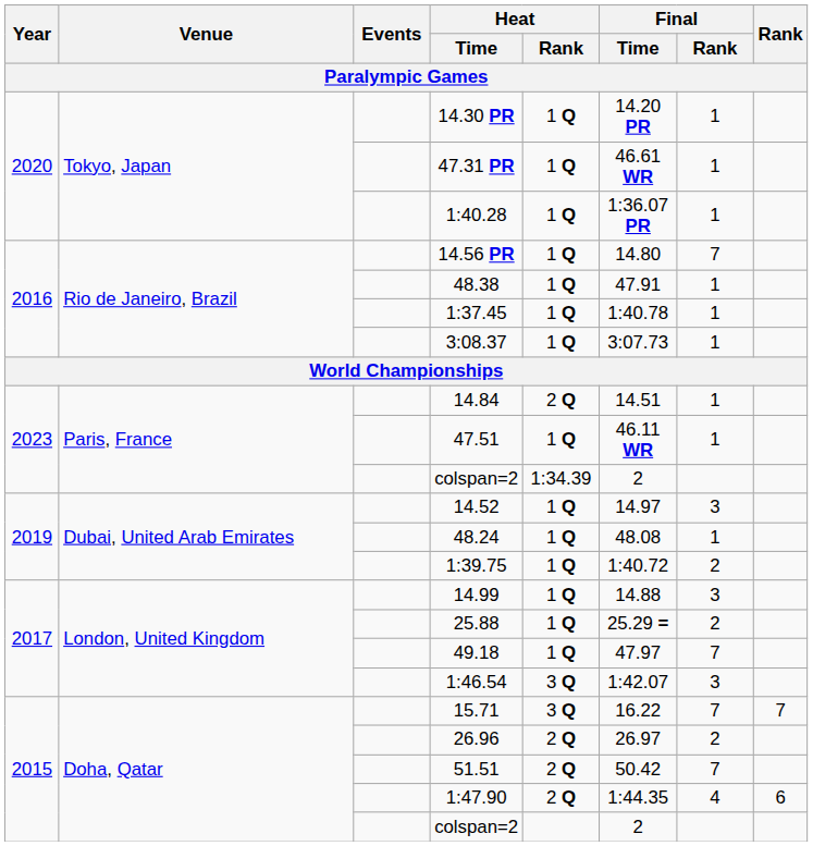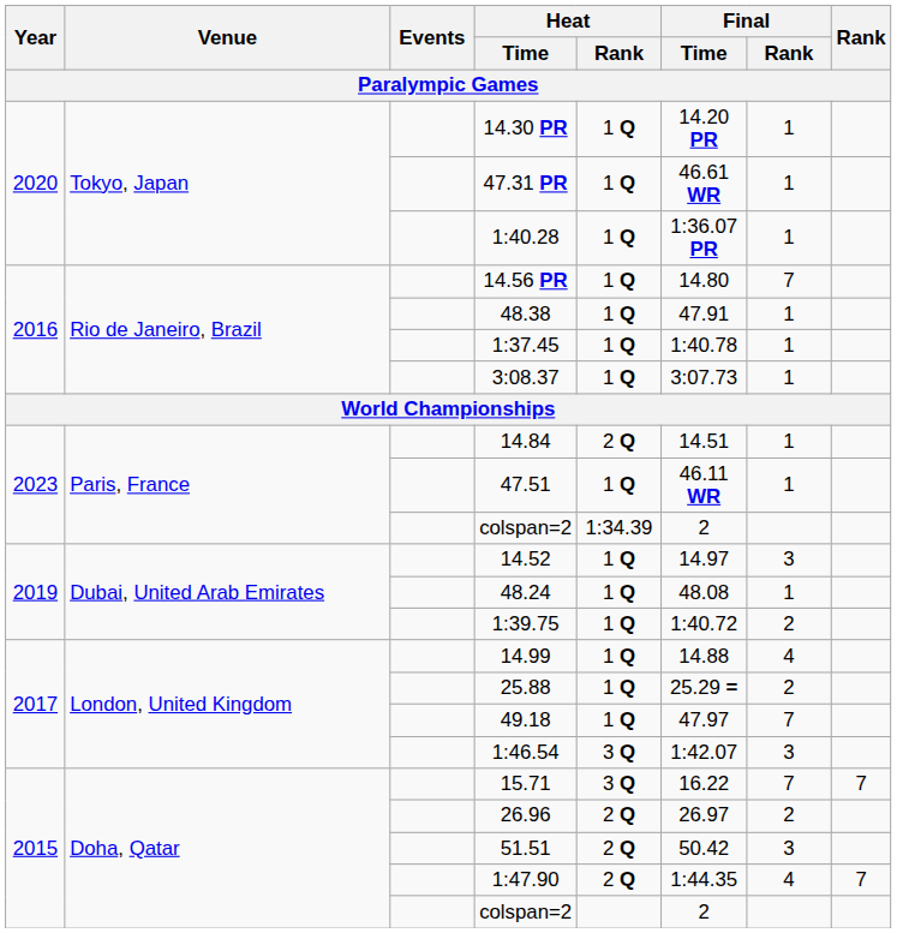 <table class = "wikitable" style="text-align:center;">
 <tr>
 <th rowspan=2 width=40>Year</th>
 <th rowspan=2 width=250>Venue</th>
 <th rowspan=2 width=60>Events</th>
 <th colspan=2>Heat</th>
 <th colspan=2>Final</th>
 <th rowspan=2 width=40>Rank</th>
 </tr>
 <tr>
 <th width=60>Time</th>
 <th width=60>Rank</th>
 <th width=60>Time</th>
 <th width=60>Rank</th>
 </tr>
 <tr>
 <th colspan=13><a href='#'>Paralympic Games</a></th>
 </tr>
 <tr>
 <td rowspan=3><a href='#'>2020</a></td>
 <td rowspan=3 align=left> <a href='#'>Tokyo</a>, <a href='#'>Japan</a></td>
 <td></td>
 <td>14.30 <strong><a href='#'>PR</a></strong></td>
 <td>1 <strong>Q</strong></td>
 <td>14.20 <strong><a href='#'>PR</a></strong></td>
 <td>1</td>
 <td></td>
 </tr>
 <tr>
 <td></td>
 <td>47.31 <strong><a href='#'>PR</a></strong></td>
 <td>1 <strong>Q</strong></td>
 <td>46.61 <strong><a href='#'>WR</a></strong></td>
 <td>1</td>
 <td></td>
 </tr>
 <tr>
 <td></td>
 <td>1:40.28</td>
 <td>1 <strong>Q</strong></td>
 <td>1:36.07 <strong><a href='#'>PR</a></strong></td>
 <td>1</td>
 <td></td>
 </tr>
 <tr>
 <td rowspan=4><a href='#'>2016</a></td>
 <td rowspan=4 align=left> <a href='#'>Rio de Janeiro</a>, <a href='#'>Brazil</a></td>
 <td></td>
 <td>14.56 <strong><a href='#'>PR</a></strong></td>
 <td>1 <strong>Q</strong></td>
 <td>14.80</td>
 <td>7</td>
 <td></td>
 </tr>
 <tr>
 <td></td>
 <td>48.38</td>
 <td>1 <strong>Q</strong></td>
 <td>47.91</td>
 <td>1</td>
 <td></td>
 </tr>
 <tr>
 <td></td>
 <td>1:37.45</td>
 <td>1 <strong>Q</strong></td>
 <td>1:40.78</td>
 <td>1</td>
 <td></td>
 </tr>
 <tr>
 <td></td>
 <td>3:08.37</td>
 <td>1 <strong>Q</strong></td>
 <td>3:07.73</td>
 <td>1</td>
 <td></td>
 </tr>
 <tr>
 <th colspan=13><a href='#'>World Championships</a></th>
 </tr>
 <tr>
 <td rowspan=3><a href='#'>2023</a></td>
 <td rowspan=3 align=left> <a href='#'>Paris</a>, <a href='#'>France</a></td>
 <td></td>
 <td>14.84</td>
 <td>2 <strong>Q</strong></td>
 <td>14.51</td>
 <td>1</td>
 <td></td>
 </tr>
 <tr>
 <td></td>
 <td>47.51 <strong></strong></td>
 <td>1 <strong>Q</strong></td>
 <td>46.11 <strong><a href='#'>WR</a></strong></td>
 <td>1</td>
 <td></td>
 </tr>
 <tr>
 <td></td>
 <td>colspan=2 </td>
 <td>1:34.39</td>
 <td>2</td>
 <td></td>
 </tr>
 <tr>
 <td rowspan=3><a href='#'>2019</a></td>
 <td rowspan=3 align=left> <a href='#'>Dubai</a>, <a href='#'>United Arab Emirates</a></td>
 <td></td>
 <td>14.52</td>
 <td>1 <strong>Q</strong></td>
 <td>14.97</td>
 <td>3</td>
 <td></td>
 </tr>
 <tr>
 <td></td>
 <td>48.24</td>
 <td>1 <strong>Q</strong></td>
 <td>48.08</td>
 <td>1</td>
 <td></td>
 </tr>
 <tr>
 <td></td>
 <td>1:39.75</td>
 <td>1 <strong>Q</strong></td>
 <td>1:40.72</td>
 <td>2</td>
 <td></td>
 </tr>
 <tr>
 <td rowspan=4><a href='#'>2017</a></td>
 <td rowspan=4 align=left> <a href='#'>London</a>, <a href='#'>United Kingdom</a></td>
 <td></td>
 <td>14.99</td>
 <td>1 <strong>Q</strong></td>
 <td>14.88</td>
-<td>3</td>
+<td>4</td>
 <td></td>
 </tr>
 <tr>
 <td></td>
 <td>25.88</td>
 <td>1 <strong>Q</strong></td>
 <td>25.29 <strong>=</strong></td>
 <td>2</td>
 <td></td>
 </tr>
 <tr>
 <td></td>
 <td>49.18</td>
 <td>1 <strong>Q</strong></td>
 <td>47.97</td>
 <td>7</td>
 <td></td>
 </tr>
 <tr>
 <td></td>
 <td>1:46.54</td>
 <td>3 <strong>Q</strong></td>
 <td>1:42.07</td>
 <td>3</td>
 <td></td>
 </tr>
 <tr>
 <td rowspan=5><a href='#'>2015</a></td>
 <td rowspan=5 align=left> <a href='#'>Doha</a>, <a href='#'>Qatar</a></td>
 <td></td>
 <td>15.71</td>
 <td>3 <strong>Q</strong></td>
 <td>16.22</td>
 <td>7</td>
 <td>7</td>
 </tr>
 <tr>
 <td></td>
 <td>26.96</td>
 <td>2 <strong>Q</strong></td>
 <td>26.97</td>
 <td>2</td>
 <td></td>
 </tr>
 <tr>
 <td></td>
 <td>51.51</td>
 <td>2 <strong>Q</strong></td>
 <td>50.42</td>
-<td>7</td>
+<td>3</td>
 <td></td>
 </tr>
 <tr>
 <td></td>
 <td>1:47.90</td>
 <td>2 <strong>Q</strong></td>
 <td>1:44.35</td>
 <td>4</td>
-<td>6</td>
+<td>7</td>
 </tr>
 <tr>
 <td></td>
 <td>colspan=2 </td>
 <td></td>
 <td>2</td>
 <td></td>
 </tr>
 </table>
